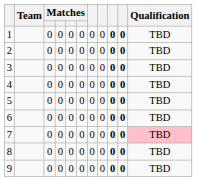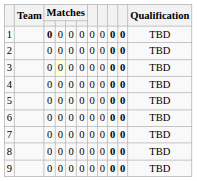 <table class="wikitable" style="text-align:center;">
 <tr>
 <th rowspan="2"></th>
 <th rowspan="2">Team</th>
 <th colspan="4">Matches</th>
 <th rowspan="2"></th>
 <th rowspan="2"></th>
 <th rowspan="2"></th>
 <th rowspan="2"></th>
 <th rowspan="2">Qualification</th>
 </tr>
 <tr>
 <th></th>
 <th></th>
 <th></th>
 <th></th>
 </tr>
 <tr>
 <td>1</td>
 <td style="text-align:left;"></td>
-<td>0</td>
+<td><strong>0</strong></td>
 <td>0</td>
 <td>0</td>
 <td>0</td>
 <td>0</td>
 <td>0</td>
 <td><strong>0</strong></td>
 <td><strong>0</strong></td>
 <td>TBD</td>
 </tr>
 <tr>
 <td>2</td>
 <td style="text-align:left;"></td>
 <td>0</td>
 <td>0</td>
 <td>0</td>
 <td>0</td>
 <td>0</td>
 <td>0</td>
 <td><strong>0</strong></td>
 <td><strong>0</strong></td>
 <td>TBD</td>
 </tr>
 <tr>
 <td>3</td>
 <td style="text-align:left;"></td>
 <td>0</td>
-<td>0</td>
+<td style="background: lightyellow;">0</td>
 <td>0</td>
 <td>0</td>
 <td>0</td>
 <td>0</td>
 <td><strong>0</strong></td>
 <td><strong>0</strong></td>
 <td>TBD</td>
 </tr>
 <tr>
 <td>4</td>
 <td style="text-align:left;"></td>
 <td>0</td>
 <td>0</td>
 <td>0</td>
 <td>0</td>
 <td>0</td>
 <td>0</td>
 <td><strong>0</strong></td>
 <td><strong>0</strong></td>
 <td>TBD</td>
 </tr>
 <tr>
 <td>5</td>
 <td style="text-align:left;"></td>
 <td>0</td>
 <td>0</td>
 <td>0</td>
 <td>0</td>
 <td>0</td>
 <td>0</td>
 <td><strong>0</strong></td>
 <td><strong>0</strong></td>
 <td>TBD</td>
 </tr>
 <tr>
 <td>6</td>
 <td style="text-align:left;"></td>
 <td>0</td>
 <td>0</td>
 <td>0</td>
 <td>0</td>
 <td>0</td>
 <td>0</td>
 <td><strong>0</strong></td>
 <td><strong>0</strong></td>
 <td>TBD</td>
 </tr>
 <tr>
 <td>7</td>
 <td style="text-align:left;"></td>
 <td>0</td>
 <td>0</td>
 <td>0</td>
 <td>0</td>
 <td>0</td>
 <td>0</td>
 <td><strong>0</strong></td>
 <td><strong>0</strong></td>
-<td style="background: pink;">TBD</td>
+<td>TBD</td>
 </tr>
 <tr>
 <td>8</td>
 <td style="text-align:left;"></td>
 <td>0</td>
 <td>0</td>
 <td>0</td>
 <td>0</td>
 <td>0</td>
 <td>0</td>
 <td><strong>0</strong></td>
 <td><strong>0</strong></td>
 <td>TBD</td>
 </tr>
 <tr>
 <td>9</td>
 <td style="text-align:left;"></td>
 <td>0</td>
 <td>0</td>
 <td>0</td>
 <td>0</td>
 <td>0</td>
 <td>0</td>
 <td><strong>0</strong></td>
 <td><strong>0</strong></td>
 <td>TBD</td>
 </tr>
 </table>
